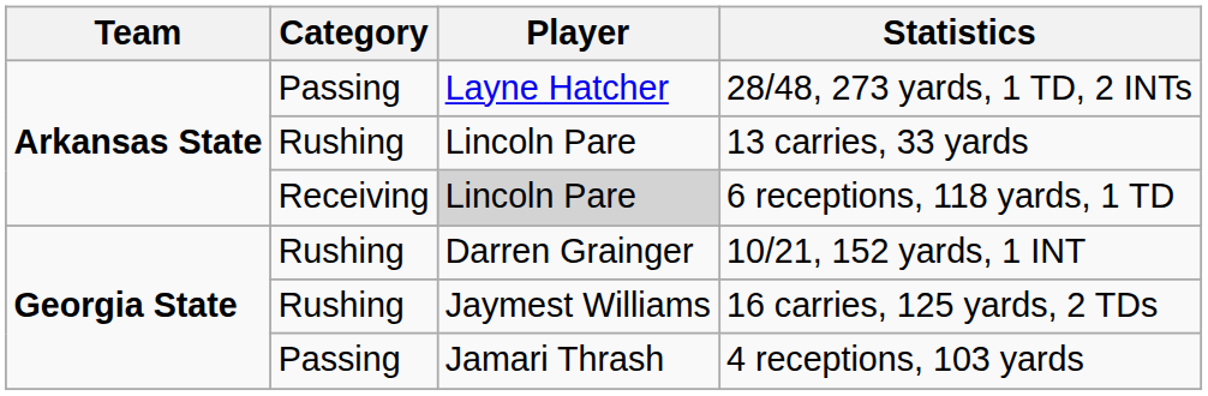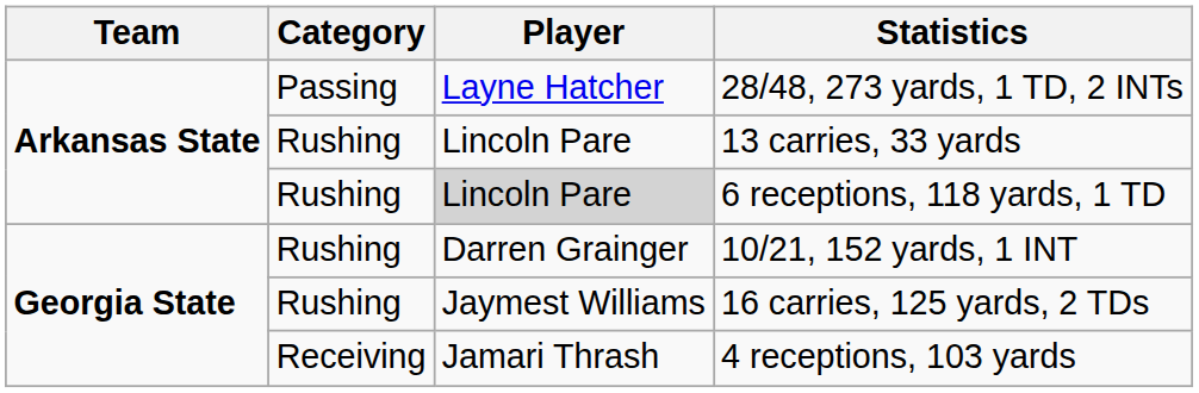 <table class="wikitable" style="float: left;">
 <tr>
 <th>Team</th>
 <th>Category</th>
 <th>Player</th>
 <th>Statistics</th>
 </tr>
 <tr>
 <td rowspan=3><strong>Arkansas State</strong></td>
 <td>Passing</td>
 <td><a href='#'>Layne Hatcher</a></td>
 <td>28/48, 273 yards, 1 TD, 2 INTs</td>
 </tr>
 <tr>
 <td>Rushing</td>
 <td>Lincoln Pare</td>
 <td>13 carries, 33 yards</td>
 </tr>
 <tr>
-<td>Receiving</td>
+<td>Rushing</td>
 <td style="background: lightgrey;">Lincoln Pare</td>
 <td>6 receptions, 118 yards, 1 TD</td>
 </tr>
 <tr>
 <td rowspan=3><strong>Georgia State</strong></td>
 <td>Rushing</td>
 <td>Darren Grainger</td>
 <td>10/21, 152 yards, 1 INT</td>
 </tr>
 <tr>
 <td>Rushing</td>
 <td>Jaymest Williams</td>
 <td>16 carries, 125 yards, 2 TDs</td>
 </tr>
 <tr>
-<td>Passing</td>
+<td>Receiving</td>
 <td>Jamari Thrash</td>
 <td>4 receptions, 103 yards</td>
 </tr>
 </table>
